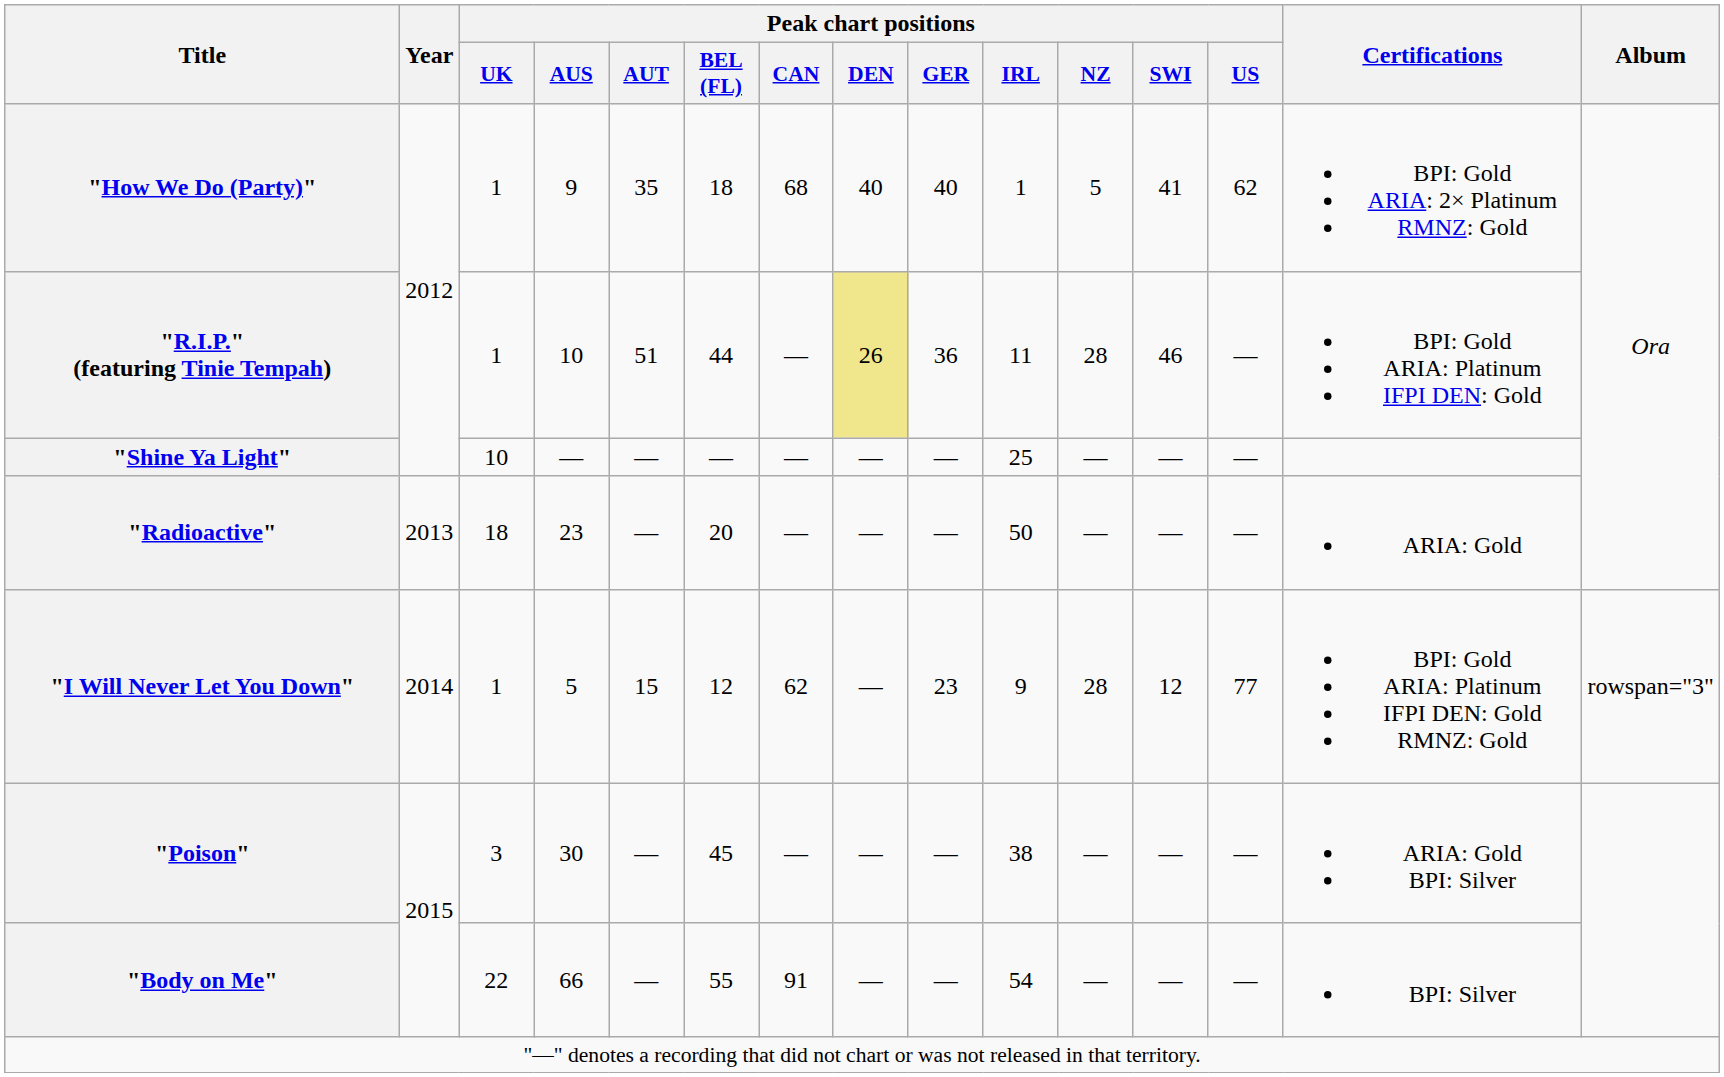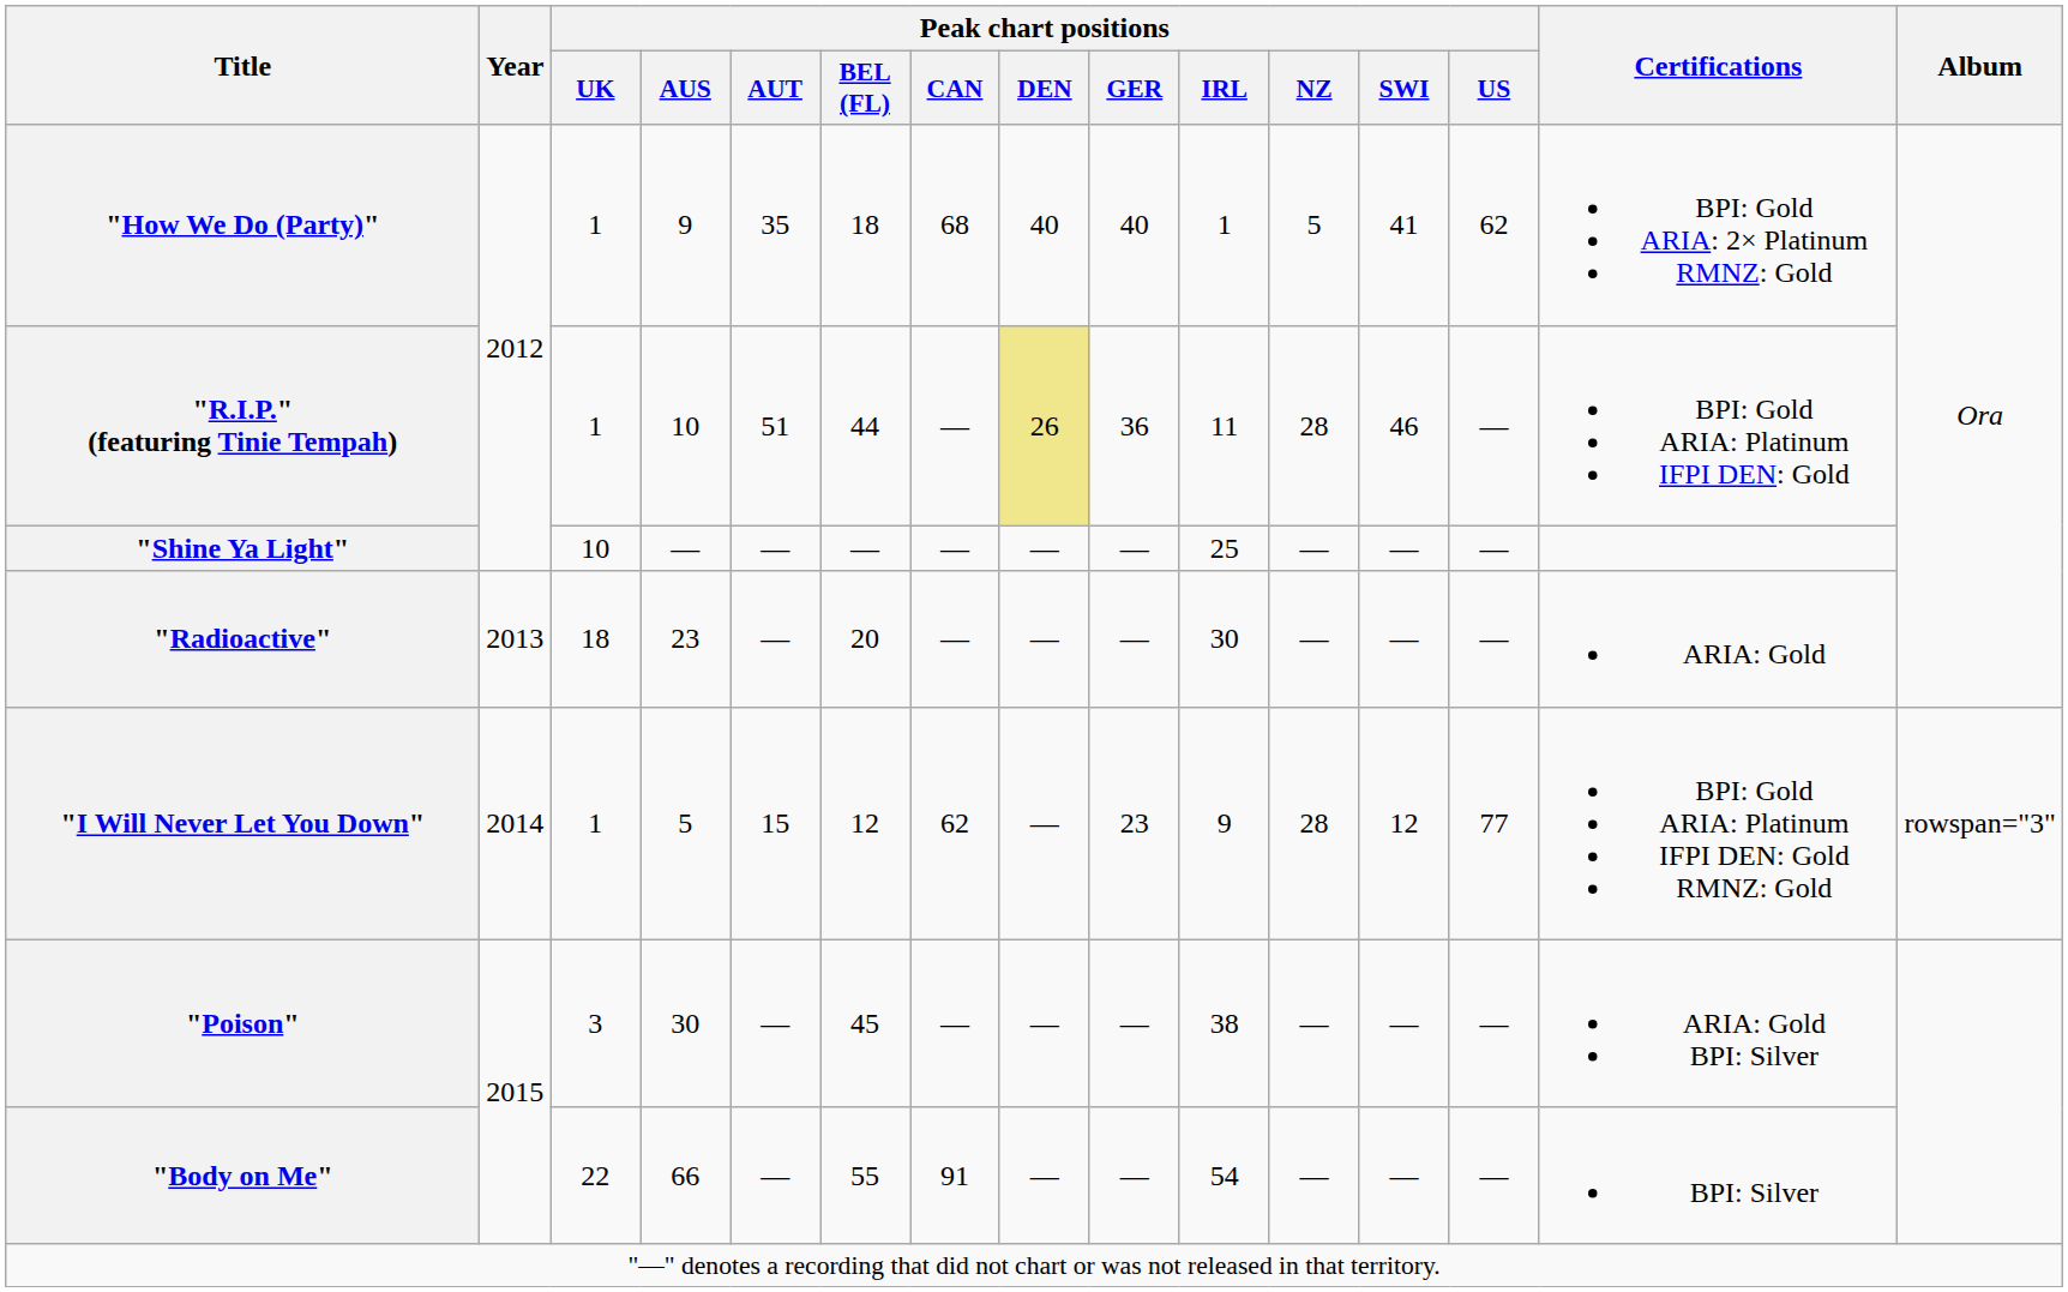 <table class="wikitable plainrowheaders" style="text-align:center;">
 <tr>
 <th scope="col" rowspan="2" style="width:16em;">Title</th>
 <th scope="col" rowspan="2">Year</th>
 <th scope="col" colspan="11">Peak chart positions</th>
 <th scope="col" rowspan="2" style="width:12em;"><a href='#'>Certifications</a></th>
 <th scope="col" rowspan="2" style="width:5em;">Album</th>
 </tr>
 <tr>
 <th scope="col" style="width:3em;font-size:90%;"><a href='#'>UK</a><br></th>
 <th scope="col" style="width:3em;font-size:90%;"><a href='#'>AUS</a><br></th>
 <th scope="col" style="width:3em;font-size:90%;"><a href='#'>AUT</a></th>
 <th scope="col" style="width:3em;font-size:90%;"><a href='#'>BEL<br>(FL)</a><br></th>
 <th scope="col" style="width:3em;font-size:90%;"><a href='#'>CAN</a><br></th>
 <th scope="col" style="width:3em;font-size:90%;"><a href='#'>DEN</a><br></th>
 <th scope="col" style="width:3em;font-size:90%;"><a href='#'>GER</a><br></th>
 <th scope="col" style="width:3em;font-size:90%;"><a href='#'>IRL</a><br></th>
 <th scope="col" style="width:3em;font-size:90%;"><a href='#'>NZ</a><br></th>
 <th scope="col" style="width:3em;font-size:90%;"><a href='#'>SWI</a><br></th>
 <th scope="col" style="width:3em;font-size:90%;"><a href='#'>US</a><br></th>
 </tr>
 <tr>
 <th scope="row">"<a href='#'>How We Do (Party)</a>"</th>
 <td rowspan="3">2012</td>
 <td>1</td>
 <td>9</td>
 <td>35</td>
 <td>18</td>
 <td>68</td>
 <td>40</td>
 <td>40</td>
 <td>1</td>
 <td>5</td>
 <td>41</td>
 <td>62</td>
 <td><br><ul><li>BPI: Gold</li><li><a href='#'>ARIA</a>: 2× Platinum</li><li><a href='#'>RMNZ</a>: Gold</li></ul></td>
 <td rowspan="4"><em>Ora</em></td>
 </tr>
 <tr>
 <th scope="row">"<a href='#'>R.I.P.</a>"<br><span>(featuring <a href='#'>Tinie Tempah</a>)</span></th>
 <td>1</td>
 <td>10</td>
 <td>51</td>
 <td>44</td>
 <td>—</td>
 <td style="background: khaki;">26</td>
 <td>36</td>
 <td>11</td>
 <td>28</td>
 <td>46</td>
 <td>—</td>
 <td><br><ul><li>BPI: Gold</li><li>ARIA: Platinum</li><li><a href='#'>IFPI DEN</a>: Gold</li></ul></td>
 </tr>
 <tr>
 <th scope="row">"<a href='#'>Shine Ya Light</a>"</th>
 <td>10</td>
 <td>—</td>
 <td>—</td>
 <td>—</td>
 <td>—</td>
 <td>—</td>
 <td>—</td>
 <td>25</td>
 <td>—</td>
 <td>—</td>
 <td>—</td>
 <td></td>
 </tr>
 <tr>
 <th scope="row">"<a href='#'>Radioactive</a>"</th>
 <td rowspan="1">2013</td>
 <td>18</td>
 <td>23</td>
 <td>—</td>
 <td>20</td>
 <td>—</td>
 <td>—</td>
 <td>—</td>
-<td>50</td>
+<td>30</td>
 <td>—</td>
 <td>—</td>
 <td>—</td>
 <td><br><ul><li>ARIA: Gold</li></ul></td>
 </tr>
 <tr>
 <th scope="row">"<a href='#'>I Will Never Let You Down</a>"</th>
 <td rowspan="1">2014</td>
 <td>1</td>
 <td>5</td>
 <td>15</td>
 <td>12</td>
 <td>62</td>
 <td>—</td>
 <td>23</td>
 <td>9</td>
 <td>28</td>
 <td>12</td>
 <td>77</td>
 <td><br><ul><li>BPI: Gold</li><li>ARIA: Platinum</li><li>IFPI DEN: Gold</li><li>RMNZ: Gold</li></ul></td>
 <td>rowspan="3" </td>
 </tr>
 <tr>
 <th scope="row">"<a href='#'>Poison</a>"</th>
 <td rowspan="2">2015</td>
 <td>3</td>
 <td>30</td>
 <td>—</td>
 <td>45</td>
 <td>—</td>
 <td>—</td>
 <td>—</td>
 <td>38</td>
 <td>—</td>
 <td>—</td>
 <td>—</td>
 <td><br><ul><li>ARIA: Gold</li><li>BPI: Silver</li></ul></td>
 </tr>
 <tr>
 <th scope="row">"<a href='#'>Body on Me</a>"<br></th>
 <td>22</td>
 <td>66</td>
 <td>—</td>
 <td>55</td>
 <td>91</td>
 <td>—</td>
 <td>—</td>
 <td>54</td>
 <td>—</td>
 <td>—</td>
 <td>—</td>
 <td><br><ul><li>BPI: Silver</li></ul></td>
 </tr>
 <tr>
 <td colspan="15" style="font-size:90%">"—" denotes a recording that did not chart or was not released in that territory.</td>
 </tr>
 </table>
